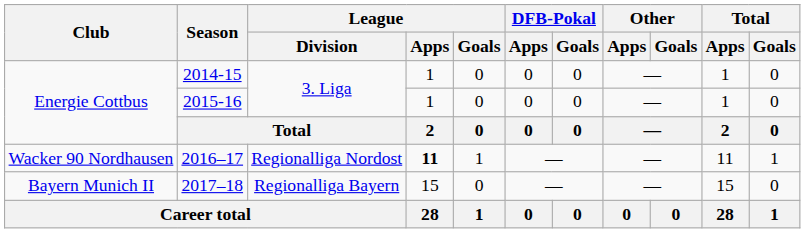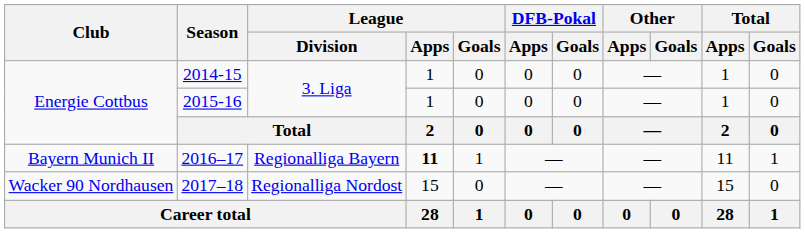 <table class="wikitable" style="text-align:center">
 <tr>
 <th rowspan=2>Club</th>
 <th rowspan=2>Season</th>
 <th colspan=3>League</th>
 <th colspan=2><a href='#'>DFB-Pokal</a></th>
 <th colspan=2>Other</th>
 <th colspan=2>Total</th>
 </tr>
 <tr>
 <th>Division</th>
 <th>Apps</th>
 <th>Goals</th>
 <th>Apps</th>
 <th>Goals</th>
 <th>Apps</th>
 <th>Goals</th>
 <th>Apps</th>
 <th>Goals</th>
 </tr>
 <tr>
 <td rowspan=3><a href='#'>Energie Cottbus</a></td>
 <td><a href='#'>2014-15</a></td>
 <td rowspan=2><a href='#'>3. Liga</a></td>
 <td>1</td>
 <td>0</td>
 <td>0</td>
 <td>0</td>
 <td colspan=2>—</td>
 <td>1</td>
 <td>0</td>
 </tr>
 <tr>
 <td><a href='#'>2015-16</a></td>
 <td>1</td>
 <td>0</td>
 <td>0</td>
 <td>0</td>
 <td colspan=2>—</td>
 <td>1</td>
 <td>0</td>
 </tr>
 <tr>
 <th colspan=2>Total</th>
 <th>2</th>
 <th>0</th>
 <th>0</th>
 <th>0</th>
 <th colspan=2>—</th>
 <th>2</th>
 <th>0</th>
 </tr>
 <tr>
-<td><a href='#'>Wacker 90 Nordhausen</a></td>
+<td><a href='#'>Bayern Munich II</a></td>
 <td><a href='#'>2016–17</a></td>
-<td><a href='#'>Regionalliga Nordost</a></td>
+<td><a href='#'>Regionalliga Bayern</a></td>
 <td><strong>11</strong></td>
 <td>1</td>
 <td colspan=2>—</td>
 <td colspan=2>—</td>
 <td>11</td>
 <td>1</td>
 </tr>
 <tr>
-<td><a href='#'>Bayern Munich II</a></td>
+<td><a href='#'>Wacker 90 Nordhausen</a></td>
 <td><a href='#'>2017–18</a></td>
-<td><a href='#'>Regionalliga Bayern</a></td>
+<td><a href='#'>Regionalliga Nordost</a></td>
 <td>15</td>
 <td>0</td>
 <td colspan="2">—</td>
 <td colspan="2">—</td>
 <td>15</td>
 <td>0</td>
 </tr>
 <tr>
 <th colspan=3>Career total</th>
 <th>28</th>
 <th>1</th>
 <th>0</th>
 <th>0</th>
 <th>0</th>
 <th>0</th>
 <th>28</th>
 <th>1</th>
 </tr>
 </table>
